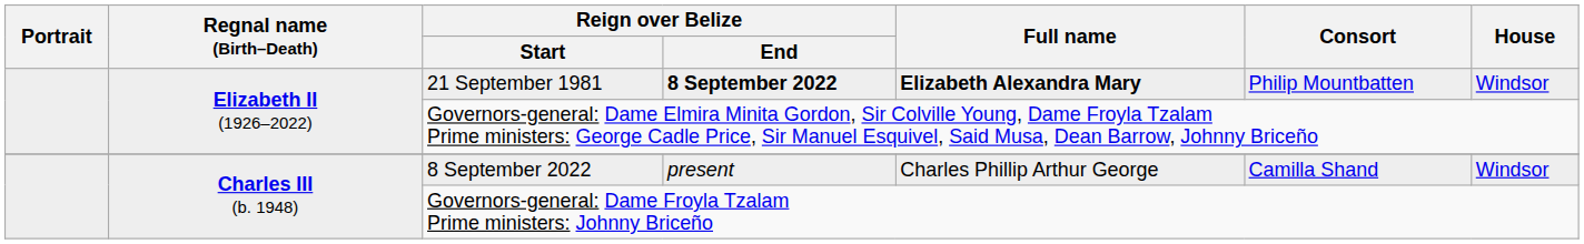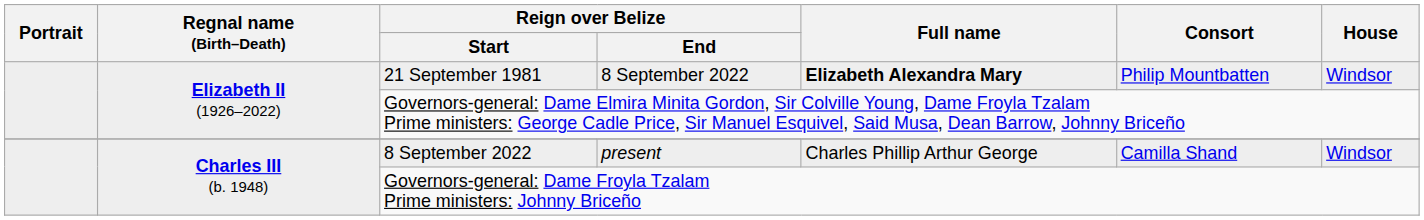 <table class="wikitable" style="width:100%;">
 <tr>
 <th rowspan="2">Portrait</th>
 <th rowspan="2" style="width:20%;">Regnal name<br><small>(Birth–Death)</small></th>
 <th colspan=2>Reign over Belize</th>
 <th rowspan="2">Full name</th>
 <th rowspan="2">Consort</th>
 <th rowspan="2">House</th>
 </tr>
 <tr>
 <th>Start</th>
 <th>End</th>
 </tr>
 <tr style="background:#eee;">
 <td rowspan="2" style="text-align:center;"></td>
 <td rowspan="2" style="text-align:center;"><strong><a href='#'>Elizabeth II</a></strong><br><small>(1926–2022)</small></td>
 <td>21 September 1981</td>
-<td><strong>8 September 2022</strong></td>
+<td>8 September 2022</td>
 <td><strong>Elizabeth Alexandra Mary</strong></td>
 <td><a href='#'>Philip Mountbatten</a></td>
 <td><a href='#'>Windsor</a></td>
 </tr>
 <tr>
 <td colspan="5"><u>Governors-general:</u> <a href='#'>Dame Elmira Minita Gordon</a>, <a href='#'>Sir Colville Young</a>, <a href='#'>Dame Froyla Tzalam</a><br><u>Prime ministers:</u> <a href='#'>George Cadle Price</a>, <a href='#'>Sir Manuel Esquivel</a>, <a href='#'>Said Musa</a>, <a href='#'>Dean Barrow</a>, <a href='#'>Johnny Briceño</a></td>
 </tr>
 <tr>
 </tr>
 <tr style="background:#eee;">
 <td rowspan="2" style="text-align:center;"></td>
 <td rowspan="2" style="text-align:center;"><strong><a href='#'>Charles III</a></strong><br><small>(b. 1948)</small></td>
 <td>8 September 2022</td>
 <td><em>present</em></td>
 <td>Charles Phillip Arthur George</td>
 <td><a href='#'>Camilla Shand</a></td>
 <td><a href='#'>Windsor</a></td>
 </tr>
 <tr>
 <td colspan="5"><u>Governors-general:</u> <a href='#'>Dame Froyla Tzalam</a><br><u>Prime ministers:</u> <a href='#'>Johnny Briceño</a></td>
 </tr>
 </table>
